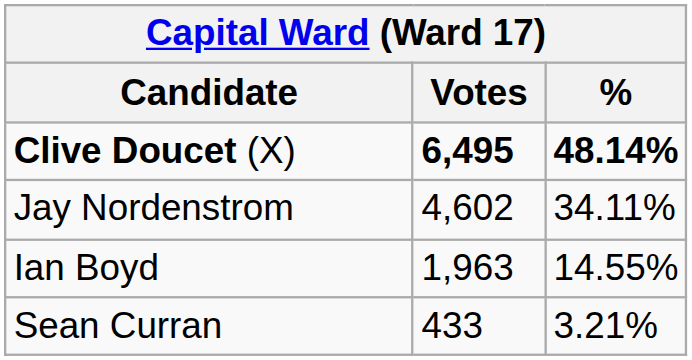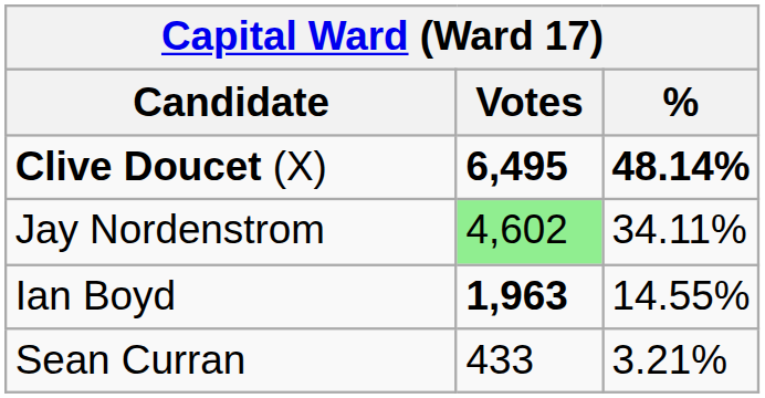 <table class="wikitable">
 <tr>
 <th colspan="3"><a href='#'>Capital Ward</a> (Ward 17)</th>
 </tr>
 <tr>
 <th style="width: 170px">Candidate</th>
 <th style="width: 50px">Votes</th>
 <th style="width: 40px">%</th>
 </tr>
 <tr>
 <td><strong>Clive Doucet</strong> (X)</td>
 <td><strong>6,495</strong></td>
 <td><strong>48.14%</strong></td>
 </tr>
 <tr>
 <td>Jay Nordenstrom</td>
-<td>4,602</td>
+<td style="background: lightgreen;">4,602</td>
 <td>34.11%</td>
 </tr>
 <tr>
 <td>Ian Boyd</td>
-<td>1,963</td>
+<td><strong>1,963</strong></td>
 <td>14.55%</td>
 </tr>
 <tr>
 <td>Sean Curran</td>
 <td>433</td>
 <td>3.21%</td>
 </tr>
 </table>
